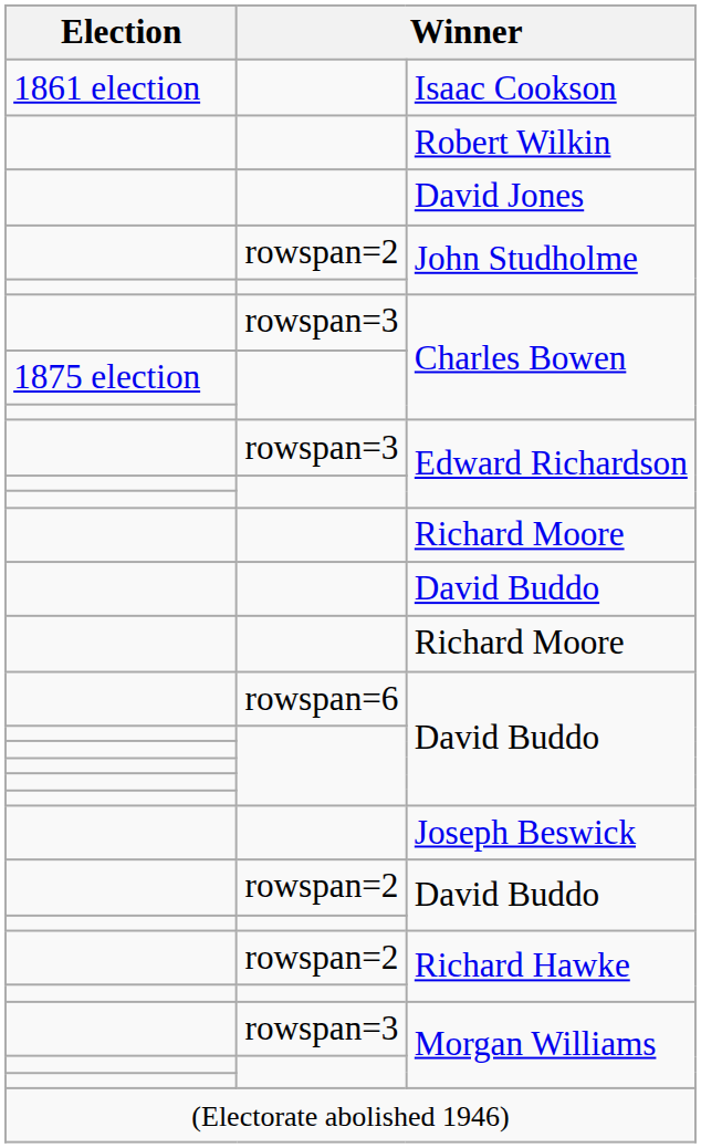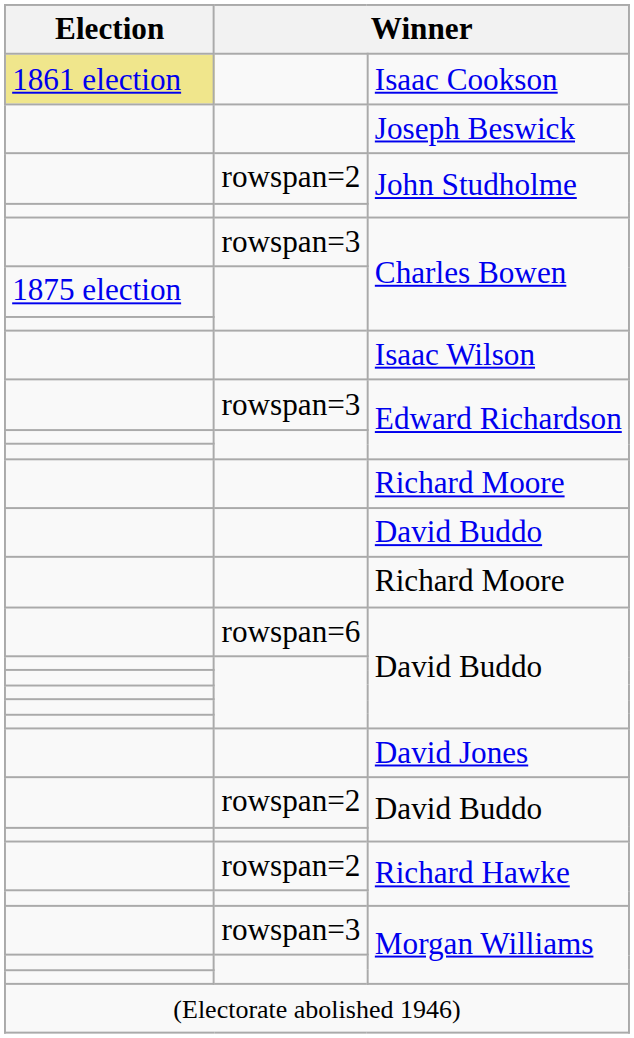 <table class=wikitable>
 <tr>
 <th width=100>Election</th>
 <th width=175 colspan=2>Winner</th>
 </tr>
 <tr>
-<td><a href='#'>1861 election</a></td>
+<td style="background: khaki;"><a href='#'>1861 election</a></td>
 <td></td>
 <td><a href='#'>Isaac Cookson</a></td>
 </tr>
 <tr>
 <td></td>
 <td></td>
-<td><a href='#'>Robert Wilkin</a></td>
-</tr>
-<tr>
-<td></td>
-<td></td>
-<td><a href='#'>David Jones</a></td>
+<td><a href='#'>Joseph Beswick</a></td>
 </tr>
 <tr>
 <td></td>
 <td>rowspan=2 </td>
 <td rowspan=2><a href='#'>John Studholme</a></td>
 </tr>
 <tr>
 <td></td>
 </tr>
 <tr>
 <td></td>
 <td>rowspan=3 </td>
 <td rowspan=3><a href='#'>Charles Bowen</a></td>
 </tr>
 <tr>
 <td><a href='#'>1875 election</a></td>
 </tr>
 <tr>
 <td></td>
+</tr>
+<tr>
+<td></td>
+<td></td>
+<td><a href='#'>Isaac Wilson</a></td>
 </tr>
 <tr>
 <td></td>
 <td>rowspan=3 </td>
 <td rowspan=3><a href='#'>Edward Richardson</a></td>
 </tr>
 <tr>
 <td></td>
 </tr>
 <tr>
 <td></td>
 </tr>
 <tr>
 <td></td>
 <td></td>
 <td><a href='#'>Richard Moore</a></td>
 </tr>
 <tr>
 <td></td>
 <td></td>
 <td><a href='#'>David Buddo</a></td>
 </tr>
 <tr>
 <td></td>
 <td></td>
 <td>Richard Moore</td>
 </tr>
 <tr>
 <td></td>
 <td>rowspan=6 </td>
 <td rowspan=6>David Buddo</td>
 </tr>
 <tr>
 <td></td>
 </tr>
 <tr>
 <td></td>
 </tr>
 <tr>
 <td></td>
 </tr>
 <tr>
 <td></td>
 </tr>
 <tr>
 <td></td>
 </tr>
 <tr>
 <td></td>
 <td></td>
-<td><a href='#'>Joseph Beswick</a></td>
+<td><a href='#'>David Jones</a></td>
 </tr>
 <tr>
 <td></td>
 <td>rowspan=2 </td>
 <td rowspan=2>David Buddo</td>
 </tr>
 <tr>
 <td></td>
 </tr>
 <tr>
 <td></td>
 <td>rowspan=2 </td>
 <td rowspan=2><a href='#'>Richard Hawke</a></td>
 </tr>
 <tr>
 <td></td>
 </tr>
 <tr>
 <td></td>
 <td>rowspan=3 </td>
 <td rowspan=3><a href='#'>Morgan Williams</a></td>
 </tr>
 <tr>
 <td></td>
 </tr>
 <tr>
 <td></td>
 </tr>
 <tr>
 <td colspan=3 align=center><small>(Electorate abolished 1946)</small></td>
 </tr>
 </table>
